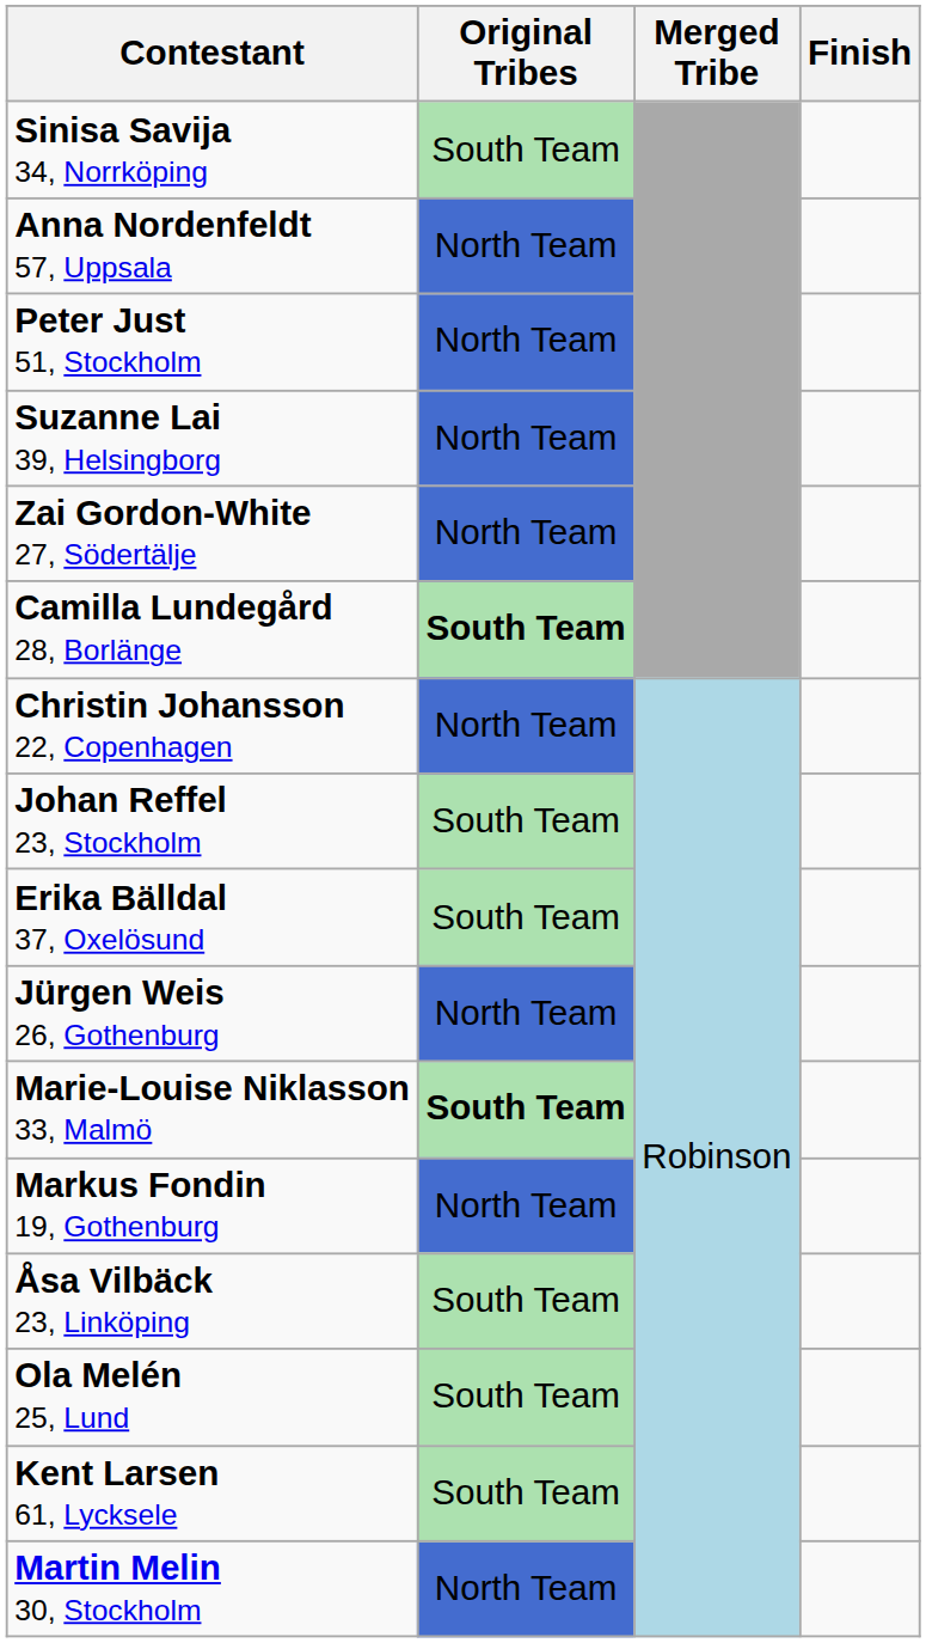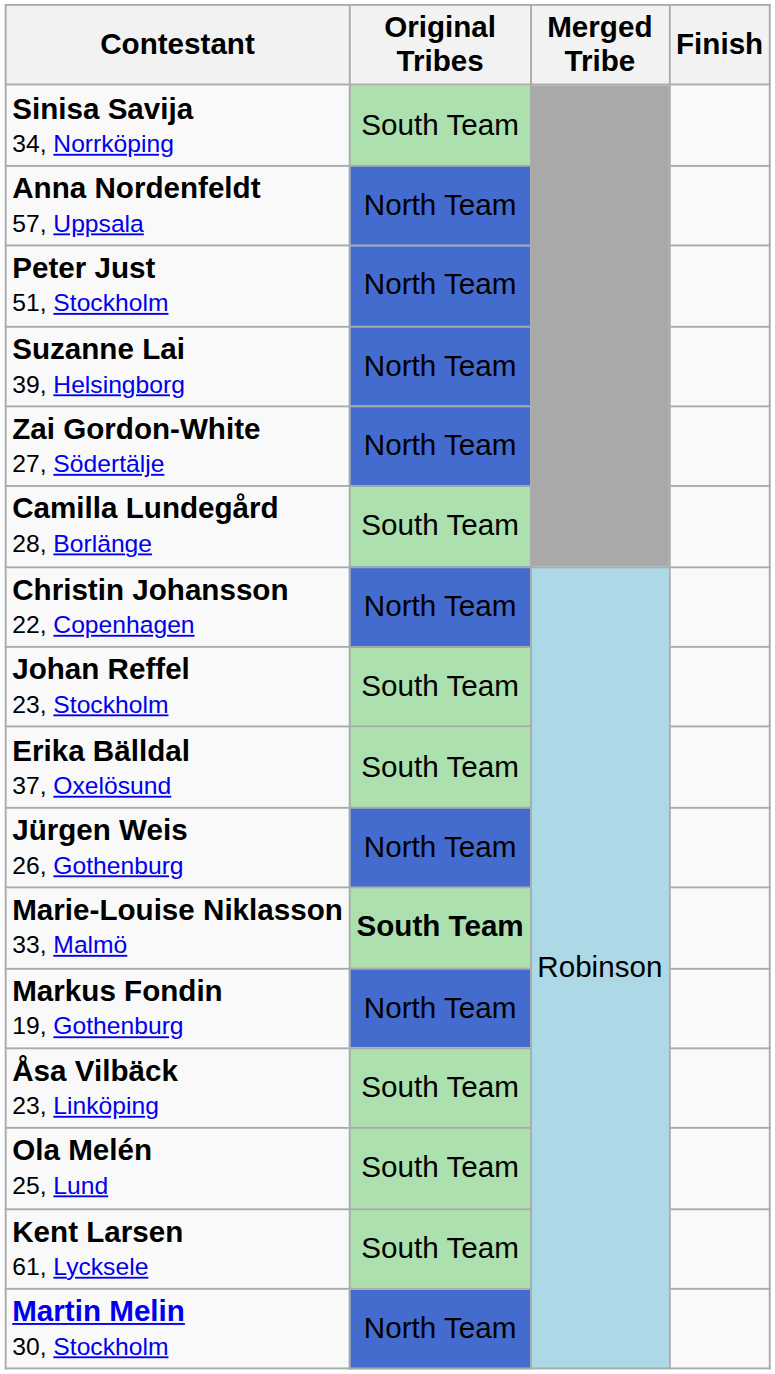 <table class="wikitable sortable" style="margin:auto; text-align:center">
 <tr>
 <th>Contestant</th>
 <th>Original<br>Tribes</th>
 <th>Merged<br>Tribe</th>
 <th>Finish</th>
 </tr>
 <tr>
 <td align="left"><strong>Sinisa Savija</strong><br><small>34, <a href='#'>Norrköping</a></small></td>
 <td bgcolor="#ACE1AF" align=center>South Team</td>
 <td bgcolor="darkgray" rowspan="6"></td>
 <td></td>
 </tr>
 <tr>
 <td align="left"><strong>Anna Nordenfeldt</strong><br><small>57, <a href='#'>Uppsala</a></small></td>
 <td bgcolor="#446CCF"><span>North Team</span></td>
 <td></td>
 </tr>
 <tr>
 <td align="left"><strong>Peter Just</strong><br><small>51, <a href='#'>Stockholm</a></small></td>
 <td bgcolor="#446CCF"><span>North Team</span></td>
 <td></td>
 </tr>
 <tr>
 <td align="left"><strong>Suzanne Lai</strong><br><small>39, <a href='#'>Helsingborg</a></small></td>
 <td bgcolor="#446CCF"><span>North Team</span></td>
 <td></td>
 </tr>
 <tr>
 <td align="left"><strong>Zai Gordon-White</strong><br><small>27, <a href='#'>Södertälje</a></small></td>
 <td bgcolor="#446CCF"><span>North Team</span></td>
 <td></td>
 </tr>
 <tr>
 <td align="left"><strong>Camilla Lundegård</strong><br><small>28, <a href='#'>Borlänge</a></small></td>
-<td bgcolor="#ACE1AF" align=center><strong>South Team</strong></td>
+<td bgcolor="#ACE1AF" align=center>South Team</td>
 <td></td>
 </tr>
 <tr>
 <td align="left"><strong>Christin Johansson</strong><br><small>22, <a href='#'>Copenhagen</a></small></td>
 <td bgcolor="#446CCF"><span>North Team</span></td>
 <td align=center bgcolor="lightblue" rowspan=10>Robinson</td>
 <td></td>
 </tr>
 <tr>
 <td align="left"><strong>Johan Reffel</strong><br><small>23, <a href='#'>Stockholm</a></small></td>
 <td bgcolor="#ACE1AF" align=center>South Team</td>
 <td></td>
 </tr>
 <tr>
 <td align="left"><strong>Erika Bälldal</strong><br><small>37, <a href='#'>Oxelösund</a></small></td>
 <td bgcolor="#ACE1AF" align=center>South Team</td>
 <td></td>
 </tr>
 <tr>
 <td align="left"><strong>Jürgen Weis</strong><br><small>26, <a href='#'>Gothenburg</a></small></td>
 <td bgcolor="#446CCF"><span>North Team</span></td>
 <td></td>
 </tr>
 <tr>
 <td align="left"><strong>Marie-Louise Niklasson</strong><br><small>33, <a href='#'>Malmö</a></small></td>
 <td bgcolor="#ACE1AF" align=center><strong>South Team</strong></td>
 <td></td>
 </tr>
 <tr>
 <td align="left"><strong>Markus Fondin</strong><br><small>19, <a href='#'>Gothenburg</a></small></td>
 <td bgcolor="#446CCF"><span>North Team</span></td>
 <td></td>
 </tr>
 <tr>
 <td align="left"><strong>Åsa Vilbäck</strong><br><small>23, <a href='#'>Linköping</a></small></td>
 <td bgcolor="#ACE1AF" align=center>South Team</td>
 <td></td>
 </tr>
 <tr>
 <td align="left"><strong>Ola Melén</strong><br><small>25, <a href='#'>Lund</a></small></td>
 <td bgcolor="#ACE1AF" align=center>South Team</td>
 <td></td>
 </tr>
 <tr>
 <td align="left"><strong>Kent Larsen</strong><br><small>61, <a href='#'>Lycksele</a></small></td>
 <td bgcolor="#ACE1AF" align=center>South Team</td>
 <td></td>
 </tr>
 <tr>
 <td align="left"><strong><a href='#'>Martin Melin</a></strong><br><small>30, <a href='#'>Stockholm</a></small></td>
 <td bgcolor="#446CCF"><span>North Team</span></td>
 <td></td>
 </tr>
 </table>
